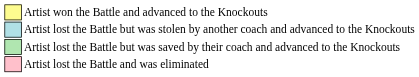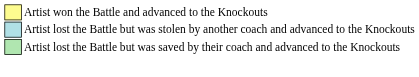 <table class="toccolours" style="font-size: 100%; white-space: nowrap;”">
 <tr>
 <td style="background:#fdfc8f; border:1px solid black;">     </td>
 <td>Artist won the Battle and advanced to the Knockouts</td>
 </tr>
 <tr>
 <td style="background:#b0e0e6; border:1px solid black;">     </td>
 <td>Artist lost the Battle but was stolen by another coach and advanced to the Knockouts</td>
 </tr>
 <tr>
 <td style="background:#b0e6b0; border:1px solid black;">     </td>
 <td>Artist lost the Battle but was saved by their coach and advanced to the Knockouts</td>
 </tr>
 <tr>
-<td style="background:pink; border:1px solid black;">     </td>
-<td>Artist lost the Battle and was eliminated</td>
-</tr>
-<tr>
 </tr>
 </table>
